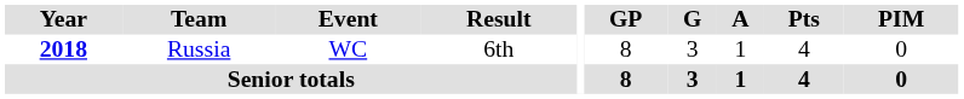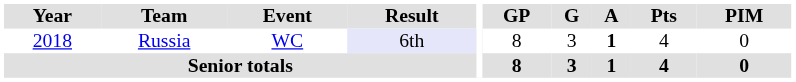 <table border="0" cellpadding="1" cellspacing="0" ID="Table3" style="text-align:center; width:40em;">
 <tr bgcolor="#e0e0e0">
 <th>Year</th>
 <th>Team</th>
 <th>Event</th>
 <th>Result</th>
 <th rowspan="99" bgcolor="#ffffff"></th>
 <th>GP</th>
 <th>G</th>
 <th>A</th>
 <th>Pts</th>
 <th>PIM</th>
 </tr>
 <tr>
-<td><strong><a href='#'>2018</a></strong></td>
+<td><a href='#'>2018</a></td>
 <td><a href='#'>Russia</a></td>
 <td><a href='#'>WC</a></td>
-<td>6th</td>
+<td style="background: lavender;">6th</td>
 <td>8</td>
 <td>3</td>
-<td>1</td>
+<td><strong>1</strong></td>
 <td>4</td>
 <td>0</td>
 </tr>
 <tr bgcolor="#e0e0e0">
 <th colspan="4">Senior totals</th>
 <th>8</th>
 <th>3</th>
 <th>1</th>
 <th>4</th>
 <th>0</th>
 </tr>
 </table>
